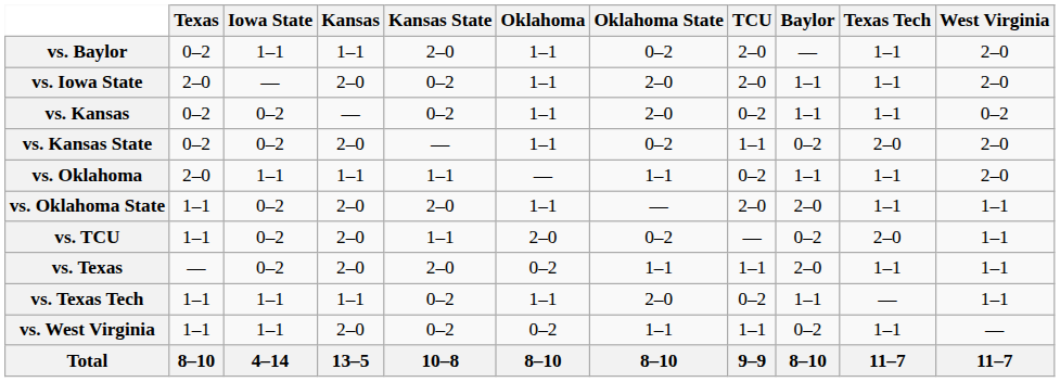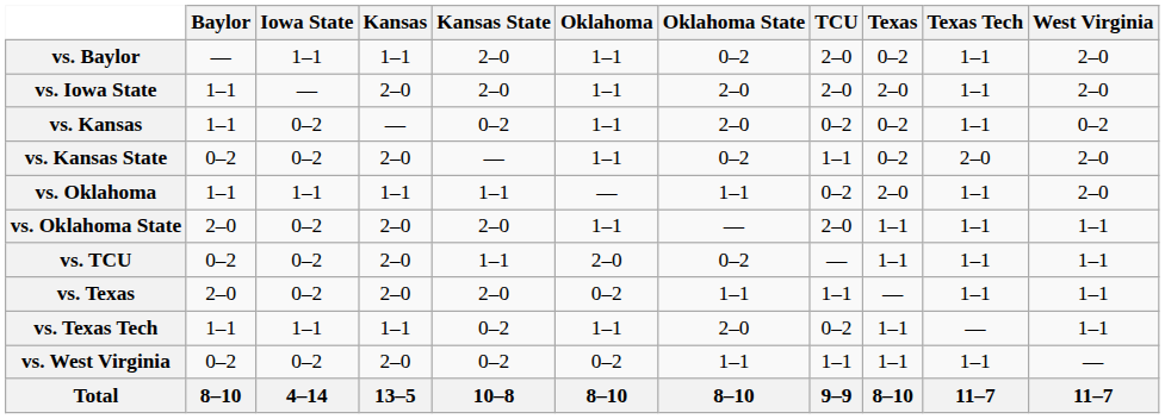 <table class="wikitable" style="white-space:nowrap;font-size:90%;">
 <tr>
 <th colspan=1 style="background:white; border-top-style:hidden; border-left-style:hidden;"   width=75> </th>
-<th>Texas</th>
+<th>Baylor</th>
 <th>Iowa State</th>
 <th>Kansas</th>
 <th>Kansas State</th>
 <th>Oklahoma</th>
 <th>Oklahoma State</th>
 <th>TCU</th>
-<th>Baylor</th>
+<th>Texas</th>
 <th>Texas Tech</th>
 <th>West Virginia</th>
 </tr>
 <tr style="text-align:center;">
 <th>vs. Baylor</th>
-<td>0–2</td>
+<td>—</td>
 <td>1–1</td>
 <td>1–1</td>
 <td>2–0</td>
 <td>1–1</td>
 <td>0–2</td>
 <td>2–0</td>
-<td>—</td>
+<td>0–2</td>
 <td>1–1</td>
 <td>2–0</td>
 </tr>
 <tr style="text-align:center;">
 <th>vs. Iowa State</th>
-<td>2–0</td>
+<td>1–1</td>
 <td>—</td>
 <td>2–0</td>
-<td>0–2</td>
+<td>2–0</td>
 <td>1–1</td>
 <td>2–0</td>
 <td>2–0</td>
-<td>1–1</td>
+<td>2–0</td>
 <td>1–1</td>
 <td>2–0</td>
 </tr>
 <tr style="text-align:center;">
 <th>vs. Kansas</th>
-<td>0–2</td>
+<td>1–1</td>
 <td>0–2</td>
 <td>—</td>
 <td>0–2</td>
 <td>1–1</td>
 <td>2–0</td>
 <td>0–2</td>
-<td>1–1</td>
+<td>0–2</td>
 <td>1–1</td>
 <td>0–2</td>
 </tr>
 <tr style="text-align:center;">
 <th>vs. Kansas State</th>
 <td>0–2</td>
 <td>0–2</td>
 <td>2–0</td>
 <td>—</td>
 <td>1–1</td>
 <td>0–2</td>
 <td>1–1</td>
 <td>0–2</td>
 <td>2–0</td>
 <td>2–0</td>
 </tr>
 <tr style="text-align:center;">
 <th>vs. Oklahoma</th>
-<td>2–0</td>
+<td>1–1</td>
 <td>1–1</td>
 <td>1–1</td>
 <td>1–1</td>
 <td>—</td>
 <td>1–1</td>
 <td>0–2</td>
-<td>1–1</td>
+<td>2–0</td>
 <td>1–1</td>
 <td>2–0</td>
 </tr>
 <tr style="text-align:center;">
 <th>vs. Oklahoma State</th>
-<td>1–1</td>
+<td>2–0</td>
 <td>0–2</td>
 <td>2–0</td>
 <td>2–0</td>
 <td>1–1</td>
 <td>—</td>
 <td>2–0</td>
-<td>2–0</td>
+<td>1–1</td>
 <td>1–1</td>
 <td>1–1</td>
 </tr>
 <tr style="text-align:center;">
 <th>vs. TCU</th>
-<td>1–1</td>
+<td>0–2</td>
 <td>0–2</td>
 <td>2–0</td>
 <td>1–1</td>
 <td>2–0</td>
 <td>0–2</td>
 <td>—</td>
-<td>0–2</td>
-<td>2–0</td>
+<td>1–1</td>
+<td>1–1</td>
 <td>1–1</td>
 </tr>
 <tr style="text-align:center;">
 <th>vs. Texas</th>
-<td>—</td>
+<td>2–0</td>
 <td>0–2</td>
 <td>2–0</td>
 <td>2–0</td>
 <td>0–2</td>
 <td>1–1</td>
 <td>1–1</td>
-<td>2–0</td>
+<td>—</td>
 <td>1–1</td>
 <td>1–1</td>
 </tr>
 <tr style="text-align:center;">
 <th>vs. Texas Tech</th>
 <td>1–1</td>
 <td>1–1</td>
 <td>1–1</td>
 <td>0–2</td>
 <td>1–1</td>
 <td>2–0</td>
 <td>0–2</td>
 <td>1–1</td>
 <td>—</td>
 <td>1–1</td>
 </tr>
 <tr style="text-align:center;">
 <th>vs. West Virginia</th>
-<td>1–1</td>
-<td>1–1</td>
+<td>0–2</td>
+<td>0–2</td>
 <td>2–0</td>
 <td>0–2</td>
 <td>0–2</td>
 <td>1–1</td>
 <td>1–1</td>
-<td>0–2</td>
+<td>1–1</td>
 <td>1–1</td>
 <td>—<br></td>
 </tr>
 <tr style="text-align:center;">
 <th>Total</th>
 <th>8–10</th>
 <th>4–14</th>
 <th>13–5</th>
 <th>10–8</th>
 <th>8–10</th>
 <th>8–10</th>
 <th>9–9</th>
 <th>8–10</th>
 <th>11–7</th>
 <th>11–7</th>
 </tr>
 </table>
